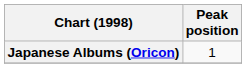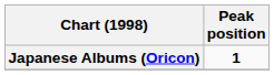 <table class="wikitable sortable plainrowheaders">
 <tr>
 <th>Chart (1998)</th>
 <th>Peak<br>position</th>
 </tr>
 <tr>
 <th scope="row">Japanese Albums (<a href='#'>Oricon</a>)</th>
-<td style="text-align:center;">1</td>
+<td style="text-align:center;"><strong>1</strong></td>
 </tr>
 <tr>
 </tr>
 </table>
